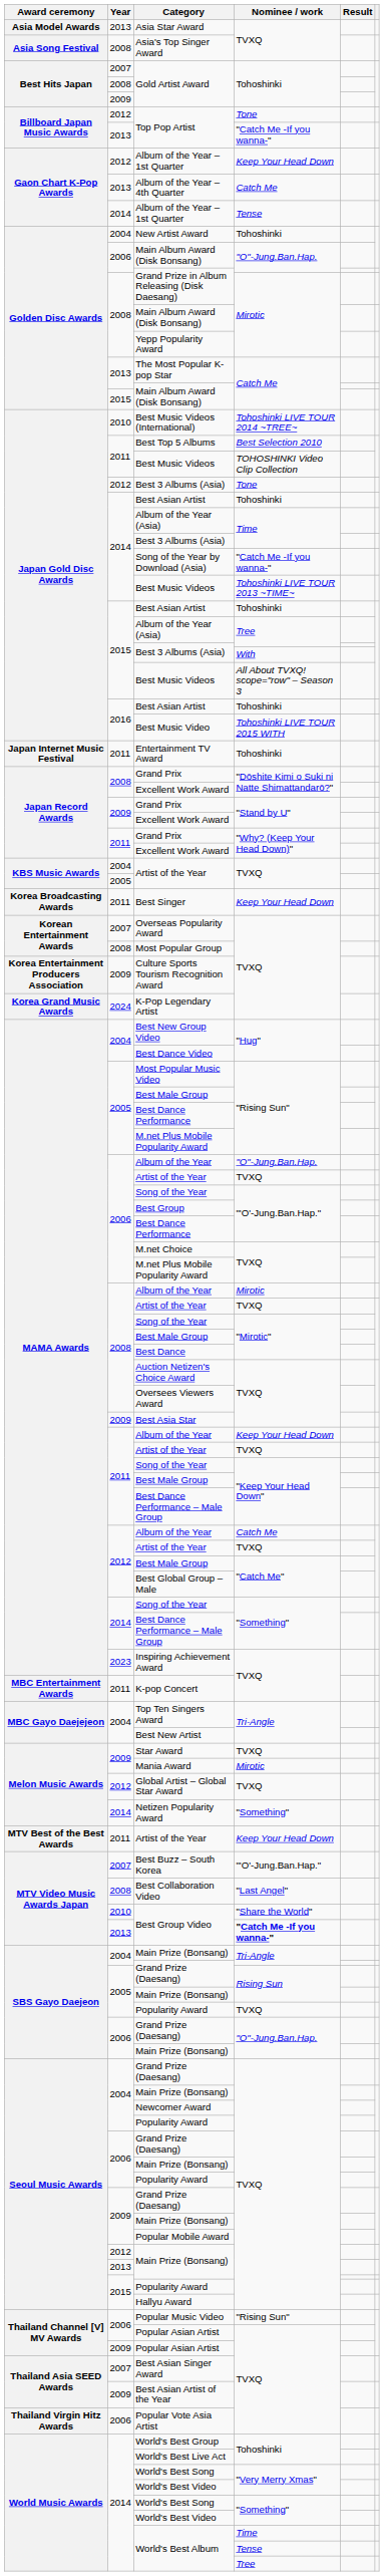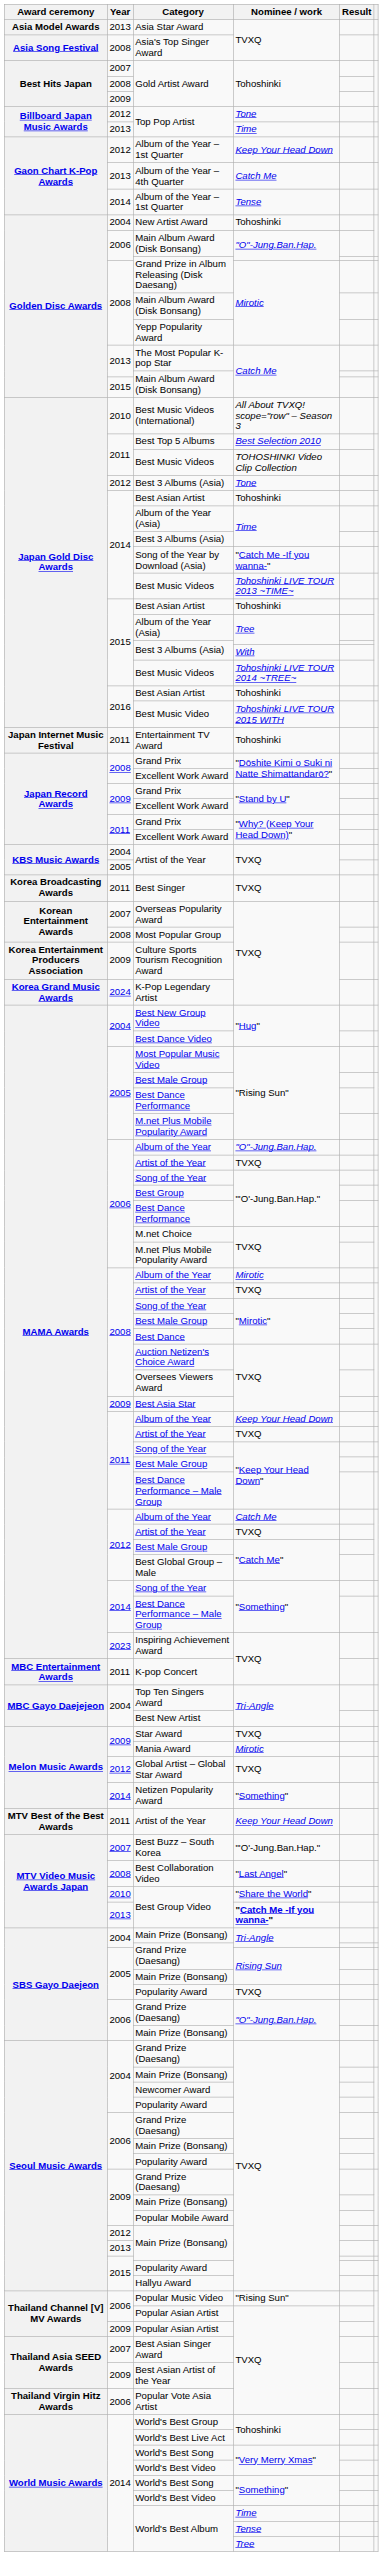 <table class="sortable wikitable plainrowheaders" width="100%" cellpadding="5" style="margin: 1em auto 1em auto">
 <tr>
 <th scope="row" scope="col">Award ceremony</th>
 <th scope="row" scope="col">Year</th>
 <th scope="row" scope="col">Category</th>
 <th scope="row" scope="col">Nominee / work</th>
 <th scope="row" scope="col">Result</th>
 <th scope="row" class="unsortable" scope="col"></th>
 </tr>
 <tr>
 <th scope="row">Asia Model Awards</th>
 <td>2013</td>
 <td>Asia Star Award</td>
 <td rowspan="2">TVXQ</td>
 <td></td>
 <td style="text-align:center"></td>
 </tr>
 <tr>
 <th scope="row"><a href='#'>Asia Song Festival</a></th>
 <td>2008</td>
 <td>Asia's Top Singer Award</td>
 <td></td>
 <td></td>
 </tr>
 <tr>
 <th scope="row" rowspan="3">Best Hits Japan</th>
 <td>2007</td>
 <td rowspan="3">Gold Artist Award</td>
 <td rowspan="3">Tohoshinki</td>
 <td></td>
 <td style="text-align:center" rowspan="3"></td>
 </tr>
 <tr>
 <td>2008</td>
 <td></td>
 </tr>
 <tr>
 <td>2009</td>
 <td></td>
 </tr>
 <tr>
 <th scope="row" rowspan="2"><a href='#'>Billboard Japan Music Awards</a></th>
 <td>2012</td>
 <td rowspan="2">Top Pop Artist</td>
 <td><em><a href='#'>Tone</a></em></td>
 <td></td>
 <td style="text-align:center"></td>
 </tr>
 <tr>
 <td>2013</td>
-<td>"<a href='#'>Catch Me -If you wanna-</a>"</td>
+<td><em><a href='#'>Time</a></em></td>
 <td></td>
 <td style="text-align:center"></td>
 </tr>
 <tr>
 <th scope="row" rowspan="3"><a href='#'>Gaon Chart K-Pop Awards</a></th>
 <td>2012</td>
 <td>Album of the Year – 1st Quarter</td>
 <td><em><a href='#'>Keep Your Head Down</a></em></td>
 <td></td>
 <td style="text-align:center"></td>
 </tr>
 <tr>
 <td>2013</td>
 <td>Album of the Year – 4th Quarter</td>
 <td><em><a href='#'>Catch Me</a></em></td>
 <td></td>
 <td style="text-align:center"></td>
 </tr>
 <tr>
 <td>2014</td>
 <td>Album of the Year – 1st Quarter</td>
 <td><em><a href='#'>Tense</a></em></td>
 <td></td>
 <td></td>
 </tr>
 <tr>
 <th scope="row" rowspan="9"><a href='#'>Golden Disc Awards</a></th>
 <td>2004</td>
 <td>New Artist Award</td>
 <td>Tohoshinki</td>
 <td></td>
 <td rowspan="2" style="text-align:center"></td>
 </tr>
 <tr>
 <td rowspan="2">2006</td>
 <td>Main Album Award (Disk Bonsang)</td>
 <td rowspan="2"><em><a href='#'>"O"-Jung.Ban.Hap.</a></em></td>
 <td></td>
 </tr>
 <tr>
 <td rowspan="2">Grand Prize in Album Releasing (Disk Daesang)</td>
 <td></td>
 <td style="text-align:center"></td>
 </tr>
 <tr>
 <td rowspan="3">2008</td>
 <td rowspan="3"><em><a href='#'>Mirotic</a></em></td>
 <td></td>
 <td style="text-align:center"></td>
 </tr>
 <tr>
 <td>Main Album Award (Disk Bonsang)</td>
 <td></td>
 <td></td>
 </tr>
 <tr>
 <td>Yepp Popularity Award</td>
 <td></td>
 <td></td>
 </tr>
 <tr>
 <td rowspan="2">2013</td>
 <td>The Most Popular K-pop Star</td>
 <td rowspan="3"><em><a href='#'>Catch Me</a></em></td>
 <td></td>
 <td style="text-align:center"></td>
 </tr>
 <tr>
 <td rowspan="2">Main Album Award (Disk Bonsang)</td>
 <td></td>
 <td style="text-align:center"></td>
 </tr>
 <tr>
 <td>2015</td>
 <td></td>
 <td></td>
 </tr>
 <tr>
 <th scope="row" rowspan="16"><a href='#'>Japan Gold Disc Awards</a></th>
 <td>2010</td>
 <td>Best Music Videos (International)</td>
-<td><em><a href='#'>Tohoshinki LIVE TOUR 2014 ~TREE~</a></em></td>
+<td><em>All About TVXQ! scope="row" – Season 3</em></td>
 <td></td>
 <td style="text-align:center"></td>
 </tr>
 <tr>
 <td rowspan="2">2011</td>
 <td>Best Top 5 Albums</td>
 <td><em><a href='#'>Best Selection 2010</a></em></td>
 <td></td>
 <td style="text-align:center" rowspan="2"></td>
 </tr>
 <tr>
 <td>Best Music Videos</td>
 <td><em>TOHOSHINKI Video Clip Collection</em></td>
 <td></td>
 </tr>
 <tr>
 <td>2012</td>
 <td>Best 3 Albums (Asia)</td>
 <td><em><a href='#'>Tone</a></em></td>
 <td></td>
 <td style="text-align:center"></td>
 </tr>
 <tr>
 <td rowspan="5">2014</td>
 <td>Best Asian Artist</td>
 <td>Tohoshinki</td>
 <td></td>
 <td></td>
 </tr>
 <tr>
 <td>Album of the Year (Asia)</td>
 <td rowspan="2"><em><a href='#'>Time</a></em></td>
 <td></td>
 <td></td>
 </tr>
 <tr>
 <td>Best 3 Albums (Asia)</td>
 <td></td>
 <td></td>
 </tr>
 <tr>
 <td>Song of the Year by Download (Asia)</td>
 <td>"<a href='#'>Catch Me -If you wanna-</a>"</td>
 <td></td>
 <td></td>
 </tr>
 <tr>
 <td>Best Music Videos</td>
 <td><em><a href='#'>Tohoshinki LIVE TOUR 2013 ~TIME~</a></em></td>
 <td></td>
 <td></td>
 </tr>
 <tr>
 <td rowspan="5">2015</td>
 <td>Best Asian Artist</td>
 <td>Tohoshinki</td>
 <td></td>
 <td style="text-align:center" rowspan="5"></td>
 </tr>
 <tr>
 <td>Album of the Year (Asia)</td>
 <td rowspan="2"><em><a href='#'>Tree</a></em></td>
 <td></td>
 </tr>
 <tr>
 <td rowspan="2">Best 3 Albums (Asia)</td>
 <td></td>
 </tr>
 <tr>
 <td><em><a href='#'>With</a></em></td>
 <td></td>
 </tr>
 <tr>
 <td>Best Music Videos</td>
-<td><em>All About TVXQ! scope="row" – Season 3</em></td>
+<td><em><a href='#'>Tohoshinki LIVE TOUR 2014 ~TREE~</a></em></td>
 <td></td>
 </tr>
 <tr>
 <td rowspan="2">2016</td>
 <td>Best Asian Artist</td>
 <td>Tohoshinki</td>
 <td></td>
 <td></td>
 </tr>
 <tr>
 <td>Best Music Video</td>
 <td><a href='#'><em>Tohoshinki LIVE TOUR 2015 WITH</em></a></td>
 <td></td>
 <td></td>
 </tr>
 <tr>
 <th scope="row">Japan Internet Music Festival</th>
 <td>2011</td>
 <td>Entertainment TV Award</td>
 <td>Tohoshinki</td>
 <td></td>
 <td></td>
 </tr>
 <tr>
 <th scope="row" rowspan="6"><a href='#'>Japan Record Awards</a></th>
 <td rowspan="2"><a href='#'>2008</a></td>
 <td>Grand Prix</td>
 <td rowspan="2">"<a href='#'>Dōshite Kimi o Suki ni Natte Shimattandarō?</a>"</td>
 <td></td>
 <td></td>
 </tr>
 <tr>
 <td>Excellent Work Award</td>
 <td></td>
 <td style="text-align:center"></td>
 </tr>
 <tr>
 <td rowspan="2"><a href='#'>2009</a></td>
 <td>Grand Prix</td>
 <td rowspan="2">"<a href='#'>Stand by U</a>"</td>
 <td></td>
 <td></td>
 </tr>
 <tr>
 <td>Excellent Work Award</td>
 <td></td>
 <td></td>
 </tr>
 <tr>
 <td rowspan="2"><a href='#'>2011</a></td>
 <td>Grand Prix</td>
 <td rowspan="2">"<a href='#'>Why? (Keep Your Head Down)</a>"</td>
 <td></td>
 <td></td>
 </tr>
 <tr>
 <td>Excellent Work Award</td>
 <td></td>
 <td style="text-align:center"></td>
 </tr>
 <tr>
 <th scope="row" rowspan="2"><a href='#'>KBS Music Awards</a></th>
 <td>2004</td>
 <td rowspan="2">Artist of the Year</td>
 <td rowspan="2">TVXQ</td>
 <td></td>
 <td></td>
 </tr>
 <tr>
 <td>2005</td>
 <td></td>
 <td></td>
 </tr>
 <tr>
 <th scope="row">Korea Broadcasting Awards</th>
 <td>2011</td>
 <td>Best Singer</td>
-<td><em><a href='#'>Keep Your Head Down</a></em></td>
+<td>TVXQ</td>
 <td></td>
 <td style="text-align:center"></td>
 </tr>
 <tr>
 <th scope="row" rowspan="2">Korean Entertainment Awards</th>
 <td>2007</td>
 <td>Overseas Popularity Award</td>
 <td rowspan="4">TVXQ</td>
 <td></td>
 <td></td>
 </tr>
 <tr>
 <td>2008</td>
 <td>Most Popular Group</td>
 <td></td>
 <td></td>
 </tr>
 <tr>
 <th scope="row">Korea Entertainment Producers Association</th>
 <td>2009</td>
 <td>Culture Sports Tourism Recognition Award</td>
 <td></td>
 <td style="text-align:center"></td>
 </tr>
 <tr>
 <th scope="row"><a href='#'>Korea Grand Music Awards</a></th>
 <td><a href='#'>2024</a></td>
 <td>K-Pop Legendary Artist</td>
 <td></td>
 <td style="text-align:center"></td>
 </tr>
 <tr>
 <th rowspan="33" scope="row"><a href='#'>MAMA Awards</a></th>
 <td rowspan="2"><a href='#'>2004</a></td>
 <td><a href='#'>Best New Group Video</a></td>
 <td rowspan="2">"<a href='#'>Hug</a>"</td>
 <td></td>
 <td style="text-align:center"></td>
 </tr>
 <tr>
 <td><a href='#'>Best Dance Video</a></td>
 <td></td>
 <td style="text-align:center"></td>
 </tr>
 <tr>
 <td rowspan="4"><a href='#'>2005</a></td>
 <td><a href='#'>Most Popular Music Video</a></td>
 <td rowspan="4">"Rising Sun"</td>
 <td></td>
 <td style="text-align:center"></td>
 </tr>
 <tr>
 <td><a href='#'>Best Male Group</a></td>
 <td></td>
 <td style="text-align:center" rowspan="2"></td>
 </tr>
 <tr>
 <td><a href='#'>Best Dance Performance</a></td>
 <td></td>
 </tr>
 <tr>
 <td><a href='#'>M.net Plus Mobile Popularity Award</a></td>
 <td></td>
 <td style="text-align:center"></td>
 </tr>
 <tr>
 <td rowspan="7"><a href='#'>2006</a></td>
 <td><a href='#'>Album of the Year</a></td>
 <td><em><a href='#'>"O"-Jung.Ban.Hap.</a></em></td>
 <td></td>
 <td style="text-align:center"></td>
 </tr>
 <tr>
 <td><a href='#'>Artist of the Year</a></td>
 <td>TVXQ</td>
 <td></td>
 <td style="text-align:center"></td>
 </tr>
 <tr>
 <td><a href='#'>Song of the Year</a></td>
 <td rowspan="3">"'O'-Jung.Ban.Hap."</td>
 <td></td>
 <td style="text-align:center"></td>
 </tr>
 <tr>
 <td><a href='#'>Best Group</a></td>
 <td></td>
 <td style="text-align:center"></td>
 </tr>
 <tr>
 <td><a href='#'>Best Dance Performance</a></td>
 <td></td>
 <td style="text-align:center"></td>
 </tr>
 <tr>
 <td>M.net Choice</td>
 <td rowspan="2">TVXQ</td>
 <td></td>
 <td style="text-align:center" rowspan="2"></td>
 </tr>
 <tr>
 <td>M.net Plus Mobile Popularity Award</td>
 <td></td>
 </tr>
 <tr>
 <td rowspan="7"><a href='#'>2008</a></td>
 <td><a href='#'>Album of the Year</a></td>
 <td><em><a href='#'>Mirotic</a></em></td>
 <td></td>
 <td style="text-align:center"></td>
 </tr>
 <tr>
 <td><a href='#'>Artist of the Year</a></td>
 <td>TVXQ</td>
 <td></td>
 <td style="text-align:center" rowspan="4"></td>
 </tr>
 <tr>
 <td><a href='#'>Song of the Year</a></td>
 <td rowspan="3">"<a href='#'>Mirotic</a>"</td>
 <td></td>
 </tr>
 <tr>
 <td><a href='#'>Best Male Group</a></td>
 <td></td>
 </tr>
 <tr>
 <td><a href='#'>Best Dance</a></td>
 <td></td>
 </tr>
 <tr>
 <td><a href='#'>Auction Netizen's Choice Award</a></td>
 <td rowspan="3">TVXQ</td>
 <td></td>
 <td style="text-align:center" rowspan="2"></td>
 </tr>
 <tr>
 <td>Oversees Viewers Award</td>
 <td></td>
 </tr>
 <tr>
 <td><a href='#'>2009</a></td>
 <td><a href='#'>Best Asia Star</a></td>
 <td></td>
 <td style="text-align:center"></td>
 </tr>
 <tr>
 <td rowspan="5"><a href='#'>2011</a></td>
 <td><a href='#'>Album of the Year</a></td>
 <td><em><a href='#'>Keep Your Head Down</a></em></td>
 <td></td>
 <td></td>
 </tr>
 <tr>
 <td><a href='#'>Artist of the Year</a></td>
 <td>TVXQ</td>
 <td></td>
 <td></td>
 </tr>
 <tr>
 <td><a href='#'>Song of the Year</a></td>
 <td rowspan="3">"<a href='#'>Keep Your Head Down</a>"</td>
 <td></td>
 <td style="text-align:center"></td>
 </tr>
 <tr>
 <td><a href='#'>Best Male Group</a></td>
 <td></td>
 <td></td>
 </tr>
 <tr>
 <td><a href='#'>Best Dance Performance – Male Group</a></td>
 <td></td>
 <td></td>
 </tr>
 <tr>
 <td rowspan="4"><a href='#'>2012</a></td>
 <td><a href='#'>Album of the Year</a></td>
 <td><em><a href='#'>Catch Me</a></em></td>
 <td></td>
 <td style="text-align:center" rowspan="4"></td>
 </tr>
 <tr>
 <td><a href='#'>Artist of the Year</a></td>
 <td>TVXQ</td>
 <td></td>
 </tr>
 <tr>
 <td><a href='#'>Best Male Group</a></td>
 <td rowspan="2">"<a href='#'>Catch Me</a>"</td>
 <td></td>
 </tr>
 <tr>
 <td>Best Global Group – Male</td>
 <td></td>
 </tr>
 <tr>
 <td rowspan="2"><a href='#'>2014</a></td>
 <td><a href='#'>Song of the Year</a></td>
 <td rowspan="2">"<a href='#'>Something</a>"</td>
 <td></td>
 <td></td>
 </tr>
 <tr>
 <td><a href='#'>Best Dance Performance – Male Group</a></td>
 <td></td>
 <td></td>
 </tr>
 <tr>
 <td><a href='#'>2023</a></td>
 <td>Inspiring Achievement Award</td>
 <td rowspan="2">TVXQ</td>
 <td></td>
 <td style="text-align:center"></td>
 </tr>
 <tr>
 <th scope="row"><a href='#'>MBC Entertainment Awards</a></th>
 <td>2011</td>
 <td>K-pop Concert</td>
 <td></td>
 <td style="text-align:center"></td>
 </tr>
 <tr>
 <th scope="row" rowspan="2"><a href='#'>MBC Gayo Daejejeon</a></th>
 <td rowspan="2">2004</td>
 <td>Top Ten Singers Award</td>
 <td rowspan="2"><em><a href='#'>Tri-Angle</a></em></td>
 <td></td>
 <td></td>
 </tr>
 <tr>
 <td>Best New Artist</td>
 <td></td>
 <td style="text-align:center"></td>
 </tr>
 <tr>
 <th scope="row" rowspan="4"><a href='#'>Melon Music Awards</a></th>
 <td rowspan="2"><a href='#'>2009</a></td>
 <td>Star Award</td>
 <td>TVXQ</td>
 <td></td>
 <td style="text-align:center"></td>
 </tr>
 <tr>
 <td>Mania Award</td>
 <td><em><a href='#'>Mirotic</a></em></td>
 <td></td>
 <td></td>
 </tr>
 <tr>
 <td><a href='#'>2012</a></td>
 <td>Global Artist – Global Star Award</td>
 <td>TVXQ</td>
 <td></td>
 <td style="text-align:center"></td>
 </tr>
 <tr>
 <td><a href='#'>2014</a></td>
 <td>Netizen Popularity Award</td>
 <td>"<a href='#'>Something</a>"</td>
 <td></td>
 <td></td>
 </tr>
 <tr>
 <th scope="row">MTV Best of the Best Awards</th>
 <td>2011</td>
 <td>Artist of the Year</td>
 <td><em><a href='#'>Keep Your Head Down</a></em></td>
 <td></td>
 <td style="text-align:center"></td>
 </tr>
 <tr>
 <th scope="row" rowspan="4"><a href='#'>MTV Video Music Awards Japan</a></th>
 <td><a href='#'>2007</a></td>
 <td>Best Buzz – South Korea</td>
 <td>"'O'-Jung.Ban.Hap."</td>
 <td></td>
 <td style="text-align:center"></td>
 </tr>
 <tr>
 <td><a href='#'>2008</a></td>
 <td>Best Collaboration Video</td>
 <td>"<a href='#'>Last Angel</a>"</td>
 <td></td>
 <td style="text-align:center"></td>
 </tr>
 <tr>
 <td><a href='#'>2010</a></td>
 <td rowspan="2">Best Group Video</td>
 <td>"<a href='#'>Share the World</a>"</td>
 <td></td>
 <td style="text-align:center"></td>
 </tr>
 <tr>
 <td><a href='#'>2013</a></td>
 <td><strong>"<a href='#'>Catch Me -If you wanna-</a>"</strong></td>
 <td></td>
 <td style="text-align:center"></td>
 </tr>
 <tr>
 <th scope="row" rowspan="7"><a href='#'>SBS Gayo Daejeon</a></th>
 <td rowspan="2">2004</td>
 <td>Main Prize (Bonsang)</td>
 <td rowspan="2"><em><a href='#'>Tri-Angle</a></em></td>
 <td></td>
 <td></td>
 </tr>
 <tr>
 <td rowspan="2">Grand Prize (Daesang)</td>
 <td></td>
 <td></td>
 </tr>
 <tr>
 <td rowspan="3">2005</td>
 <td rowspan="2"><em><a href='#'>Rising Sun</a></em></td>
 <td></td>
 <td></td>
 </tr>
 <tr>
 <td>Main Prize (Bonsang)</td>
 <td></td>
 <td style="text-align:center"></td>
 </tr>
 <tr>
 <td>Popularity Award</td>
 <td>TVXQ</td>
 <td></td>
 <td></td>
 </tr>
 <tr>
 <td rowspan="2">2006</td>
 <td>Grand Prize (Daesang)</td>
 <td rowspan="2"><em><a href='#'>"O"-Jung.Ban.Hap.</a></em></td>
 <td></td>
 <td style="text-align:center"></td>
 </tr>
 <tr>
 <td>Main Prize (Bonsang)</td>
 <td></td>
 <td></td>
 </tr>
 <tr>
 <th scope="row" rowspan="15"><a href='#'>Seoul Music Awards</a></th>
 <td rowspan="4">2004</td>
 <td>Grand Prize (Daesang)</td>
 <td rowspan="15">TVXQ</td>
 <td></td>
 <td></td>
 </tr>
 <tr>
 <td>Main Prize (Bonsang)</td>
 <td></td>
 <td style="text-align:center" rowspan="3"></td>
 </tr>
 <tr>
 <td>Newcomer Award</td>
 <td></td>
 </tr>
 <tr>
 <td>Popularity Award</td>
 <td></td>
 </tr>
 <tr>
 <td rowspan="3">2006</td>
 <td>Grand Prize (Daesang)</td>
 <td></td>
 <td style="text-align:center" rowspan="3"></td>
 </tr>
 <tr>
 <td>Main Prize (Bonsang)</td>
 <td></td>
 </tr>
 <tr>
 <td>Popularity Award</td>
 <td></td>
 </tr>
 <tr>
 <td rowspan="3">2009</td>
 <td>Grand Prize (Daesang)</td>
 <td></td>
 <td style="text-align:center" rowspan="3"></td>
 </tr>
 <tr>
 <td>Main Prize (Bonsang)</td>
 <td></td>
 </tr>
 <tr>
 <td>Popular Mobile Award</td>
 <td></td>
 </tr>
 <tr>
 <td>2012</td>
 <td rowspan="3">Main Prize (Bonsang)</td>
 <td></td>
 <td></td>
 </tr>
 <tr>
 <td>2013</td>
 <td></td>
 <td></td>
 </tr>
 <tr>
 <td rowspan="3">2015</td>
 <td></td>
 <td></td>
 </tr>
 <tr>
 <td>Popularity Award</td>
 <td></td>
 <td></td>
 </tr>
 <tr>
 <td>Hallyu Award</td>
 <td></td>
 <td></td>
 </tr>
 <tr>
 <th scope="row" rowspan="3">Thailand Channel [V] MV Awards</th>
 <td rowspan="2">2006</td>
 <td>Popular Music Video</td>
 <td>"Rising Sun"</td>
 <td></td>
 <td style="text-align:center" rowspan="3"></td>
 </tr>
 <tr>
 <td>Popular Asian Artist</td>
 <td rowspan="5">TVXQ</td>
 <td></td>
 </tr>
 <tr>
 <td>2009</td>
 <td>Popular Asian Artist</td>
 <td></td>
 </tr>
 <tr>
 <th scope="row" rowspan="2">Thailand Asia SEED Awards</th>
 <td>2007</td>
 <td>Best Asian Singer Award</td>
 <td></td>
 <td style="text-align:center"></td>
 </tr>
 <tr>
 <td>2009</td>
 <td>Best Asian Artist of the Year</td>
 <td></td>
 <td></td>
 </tr>
 <tr>
 <th scope="row">Thailand Virgin Hitz Awards</th>
 <td>2006</td>
 <td>Popular Vote Asia Artist</td>
 <td></td>
 <td style="text-align:center"></td>
 </tr>
 <tr>
 <th scope="row" rowspan="9"><a href='#'>World Music Awards</a></th>
 <td rowspan="9">2014</td>
 <td>World's Best Group</td>
 <td rowspan="2">Tohoshinki</td>
 <td></td>
 <td></td>
 </tr>
 <tr>
 <td>World's Best Live Act</td>
 <td></td>
 <td></td>
 </tr>
 <tr>
 <td>World's Best Song</td>
 <td rowspan="2">"<a href='#'>Very Merry Xmas</a>"</td>
 <td></td>
 <td></td>
 </tr>
 <tr>
 <td>World's Best Video</td>
 <td></td>
 <td></td>
 </tr>
 <tr>
 <td>World's Best Song</td>
 <td rowspan="2">"<a href='#'>Something</a>"</td>
 <td></td>
 <td></td>
 </tr>
 <tr>
 <td>World's Best Video</td>
 <td></td>
 <td></td>
 </tr>
 <tr>
 <td rowspan="3">World's Best Album</td>
 <td><em><a href='#'>Time</a></em></td>
 <td></td>
 <td></td>
 </tr>
 <tr>
 <td><em><a href='#'>Tense</a></em></td>
 <td></td>
 <td></td>
 </tr>
 <tr>
 <td><em><a href='#'>Tree</a></em></td>
 <td></td>
 <td></td>
 </tr>
 </table>
